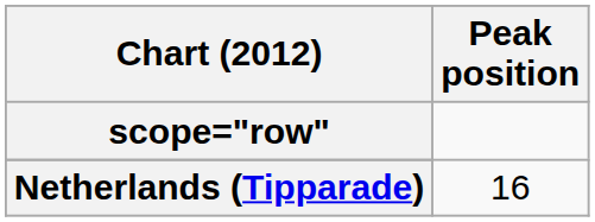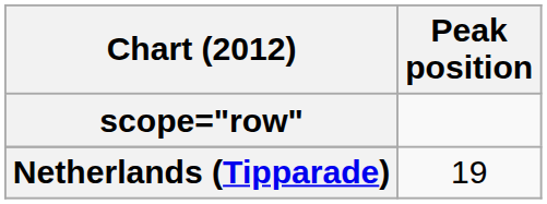 <table class="wikitable sortable plainrowheaders" style="text-align: center;">
 <tr>
 <th scope="col">Chart (2012)</th>
 <th scope="col">Peak<br>position</th>
 </tr>
 <tr>
 <th>scope="row"</th>
 </tr>
 <tr>
 </tr>
 <tr>
 <th scope="row">Netherlands (<a href='#'>Tipparade</a>)</th>
-<td>16</td>
+<td>19</td>
 </tr>
 </table>
